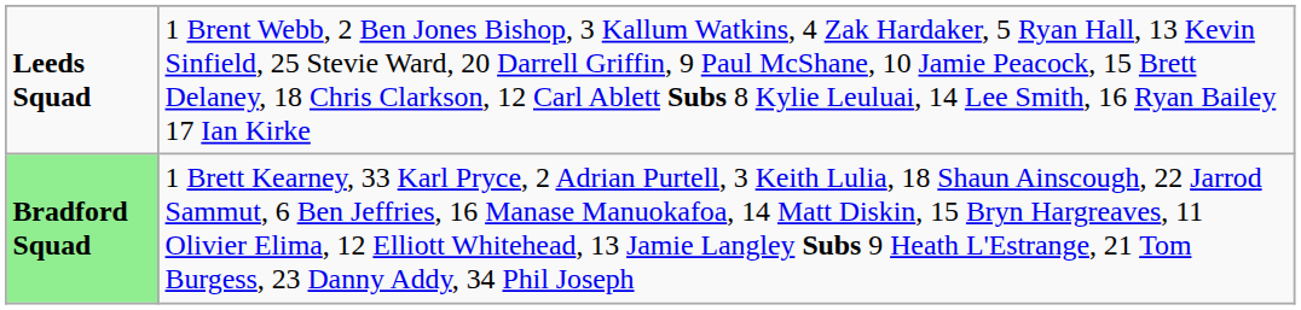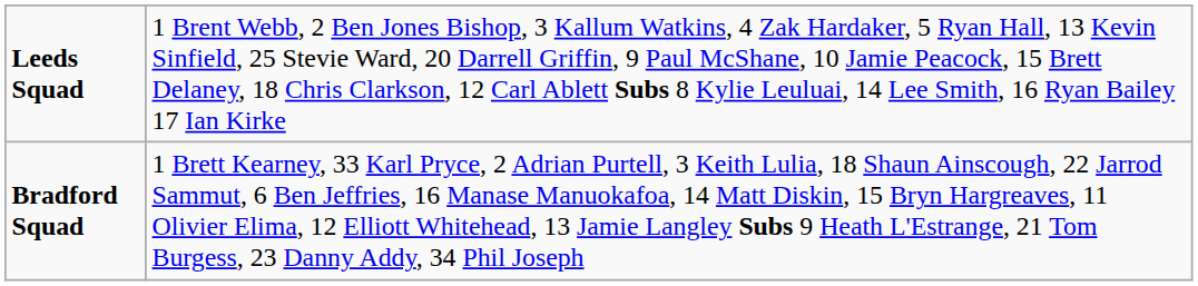 <table class="wikitable" style="font-size:85%;">
 <tr>
 <td><strong>Leeds Squad</strong></td>
 <td>1 <a href='#'>Brent Webb</a>, 2 <a href='#'>Ben Jones Bishop</a>, 3 <a href='#'>Kallum Watkins</a>, 4 <a href='#'>Zak Hardaker</a>, 5 <a href='#'>Ryan Hall</a>, 13 <a href='#'>Kevin Sinfield</a>, 25 Stevie Ward, 20 <a href='#'>Darrell Griffin</a>, 9 <a href='#'>Paul McShane</a>, 10 <a href='#'>Jamie Peacock</a>, 15 <a href='#'>Brett Delaney</a>, 18 <a href='#'>Chris Clarkson</a>, 12 <a href='#'>Carl Ablett</a> <strong>Subs</strong> 8 <a href='#'>Kylie Leuluai</a>, 14 <a href='#'>Lee Smith</a>, 16 <a href='#'>Ryan Bailey</a> 17 <a href='#'>Ian Kirke</a></td>
 </tr>
 <tr>
-<td style="background: lightgreen;"><strong>Bradford Squad</strong></td>
+<td><strong>Bradford Squad</strong></td>
 <td>1 <a href='#'>Brett Kearney</a>, 33 <a href='#'>Karl Pryce</a>, 2 <a href='#'>Adrian Purtell</a>, 3 <a href='#'>Keith Lulia</a>, 18 <a href='#'>Shaun Ainscough</a>, 22 <a href='#'>Jarrod Sammut</a>, 6 <a href='#'>Ben Jeffries</a>, 16 <a href='#'>Manase Manuokafoa</a>, 14 <a href='#'>Matt Diskin</a>, 15 <a href='#'>Bryn Hargreaves</a>, 11 <a href='#'>Olivier Elima</a>, 12 <a href='#'>Elliott Whitehead</a>, 13 <a href='#'>Jamie Langley</a> <strong>Subs</strong> 9 <a href='#'>Heath L'Estrange</a>, 21 <a href='#'>Tom Burgess</a>, 23 <a href='#'>Danny Addy</a>, 34 <a href='#'>Phil Joseph</a></td>
 </tr>
 </table>
